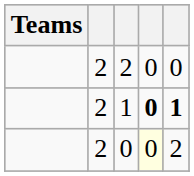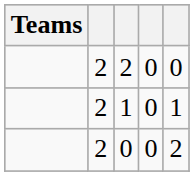 <table class="wikitable" style="text-align: center;">
 <tr>
 <th>Teams</th>
 <th></th>
 <th></th>
 <th></th>
 <th></th>
 </tr>
 <tr>
 <td></td>
 <td>2</td>
 <td>2</td>
 <td>0</td>
 <td>0</td>
 </tr>
 <tr>
 <td></td>
 <td>2</td>
 <td>1</td>
-<td><strong>0</strong></td>
-<td><strong>1</strong></td>
+<td>0</td>
+<td>1</td>
 </tr>
 <tr>
 <td></td>
 <td>2</td>
 <td>0</td>
-<td style="background: lightyellow;">0</td>
+<td>0</td>
 <td>2</td>
 </tr>
 </table>
